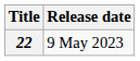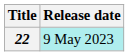 <table class="wikitable plainrowheaders">
 <tr>
 <th scope="col">Title</th>
 <th scope="col">Release date</th>
 </tr>
 <tr>
 <th scope="row"><em>22</em></th>
-<td>9 May 2023</td>
+<td style="background: paleturquoise;">9 May 2023</td>
 </tr>
 </table>
